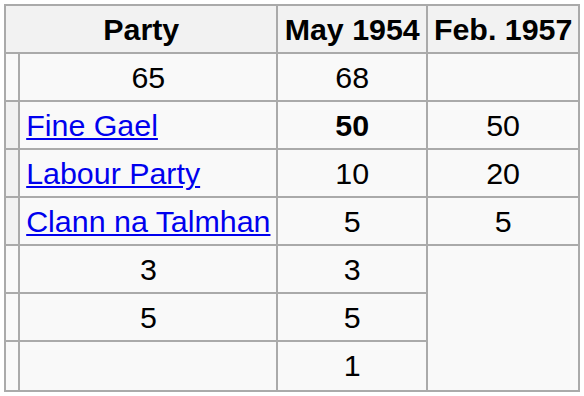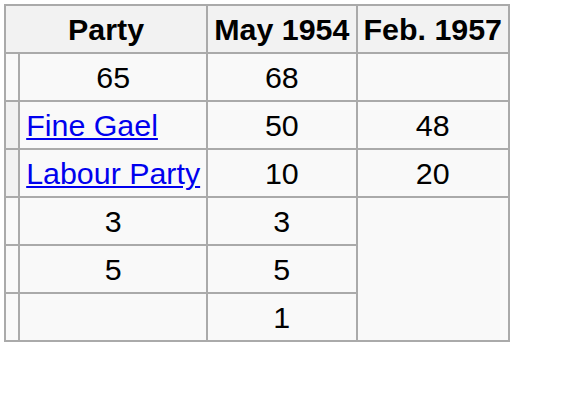 <table class="wikitable" style="font-size: 95%;">
 <tr>
 <th colspan=2>Party</th>
 <th>May 1954</th>
 <th>Feb. 1957</th>
 </tr>
 <tr>
 <td></td>
 <td align="center">65</td>
 <td align="center">68</td>
 </tr>
 <tr>
 <th style="background-color: "></th>
 <td><a href='#'>Fine Gael</a></td>
-<td align="center"><strong>50</strong></td>
 <td align="center">50</td>
+<td align="center">48</td>
 </tr>
 <tr>
 <th style="background-color: "></th>
 <td><a href='#'>Labour Party</a></td>
 <td align="center">10</td>
 <td align="center">20</td>
-</tr>
-<tr>
-<th style="background-color: "></th>
-<td><a href='#'>Clann na Talmhan</a></td>
-<td align="center">5</td>
-<td align="center">5</td>
 </tr>
 <tr>
 <td></td>
 <td align="center">3</td>
 <td align="center">3</td>
 </tr>
 <tr>
 <td></td>
 <td align="center">5</td>
 <td align="center">5</td>
 </tr>
 <tr>
 <td></td>
 <td></td>
 <td align="center">1</td>
 </tr>
 </table>
